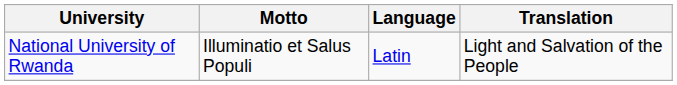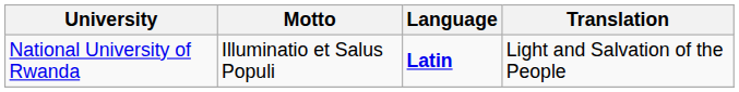 <table class="wikitable sortable plainrowheaders">
 <tr>
 <th>University</th>
 <th>Motto</th>
 <th>Language</th>
 <th>Translation</th>
 </tr>
 <tr>
 <td><a href='#'>National University of Rwanda</a></td>
 <td>Illuminatio et Salus Populi</td>
-<td><a href='#'>Latin</a></td>
+<td><strong><a href='#'>Latin</a></strong></td>
 <td>Light and Salvation of the People</td>
 </tr>
 <tr>
 </tr>
 </table>
